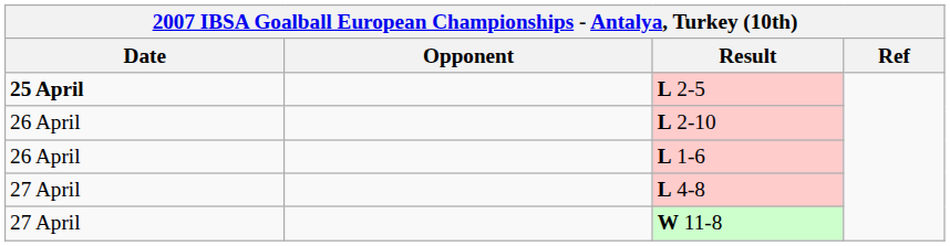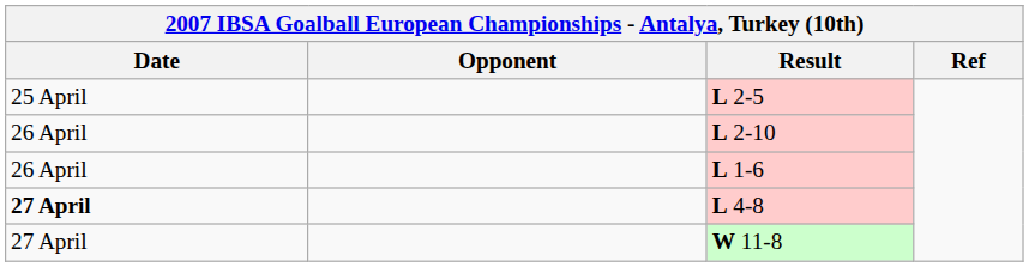 <table class="wikitable">
 <tr>
 <th width=700 colspan=4><a href='#'>2007 IBSA Goalball European Championships</a> - <a href='#'>Antalya</a>, Turkey (10th)</th>
 </tr>
 <tr>
 <th width=150>Date</th>
 <th width=200>Opponent</th>
 <th width=100>Result</th>
 <th width=50>Ref</th>
 </tr>
 <tr>
-<td><strong>25 April</strong></td>
+<td>25 April</td>
 <td></td>
 <td bgcolor=#fcc><strong>L</strong> 2-5</td>
 </tr>
 <tr>
 <td>26 April</td>
 <td></td>
 <td bgcolor=#fcc><strong>L</strong> 2-10</td>
 </tr>
 <tr>
 <td>26 April</td>
 <td></td>
 <td bgcolor=#fcc><strong>L</strong> 1-6</td>
 </tr>
 <tr>
-<td>27 April</td>
+<td><strong>27 April</strong></td>
 <td></td>
 <td bgcolor=#fcc><strong>L</strong> 4-8</td>
 </tr>
 <tr>
 <td>27 April</td>
 <td></td>
 <td bgcolor=#cfc><strong>W</strong> 11-8</td>
 </tr>
 </table>
